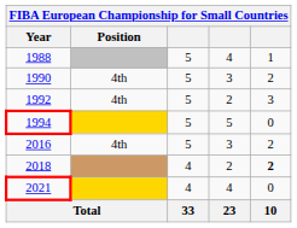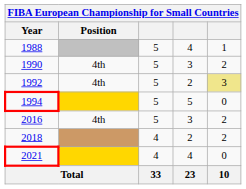 <table class="wikitable" style="text-align: center;font-size:90%;">
 <tr>
 <th colspan=5><a href='#'>FIBA European Championship for Small Countries</a></th>
 </tr>
 <tr>
 <th>Year</th>
 <th>Position</th>
 <th width=40></th>
 <th width=40></th>
 <th width=40></th>
 </tr>
 <tr>
 <td> <a href='#'>1988</a></td>
 <td bgcolor=silver></td>
 <td>5</td>
 <td>4</td>
 <td>1</td>
 </tr>
 <tr>
 <td> <a href='#'>1990</a></td>
 <td>4th</td>
 <td>5</td>
 <td>3</td>
 <td>2</td>
 </tr>
 <tr>
 <td> <a href='#'>1992</a></td>
 <td>4th</td>
 <td>5</td>
 <td>2</td>
-<td>3</td>
+<td style="background: khaki;">3</td>
 </tr>
 <tr>
 <td style="border: 3px solid red"> <a href='#'>1994</a></td>
 <td bgcolor=gold></td>
 <td>5</td>
 <td>5</td>
 <td>0</td>
 </tr>
 <tr>
 <td> <a href='#'>2016</a></td>
 <td>4th</td>
 <td>5</td>
 <td>3</td>
 <td>2</td>
 </tr>
 <tr>
 <td> <a href='#'>2018</a></td>
 <td bgcolor=#cc9966></td>
 <td>4</td>
 <td>2</td>
-<td><strong>2</strong></td>
+<td>2</td>
 </tr>
 <tr>
 <td style="border: 3px solid red"> <a href='#'>2021</a></td>
 <td bgcolor=gold></td>
 <td>4</td>
 <td>4</td>
 <td>0</td>
 </tr>
 <tr>
 <th colspan=2>Total</th>
 <th>33</th>
 <th>23</th>
 <th>10</th>
 </tr>
 </table>
